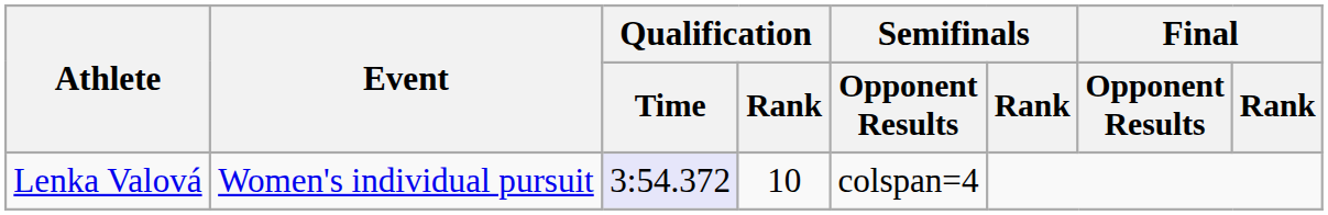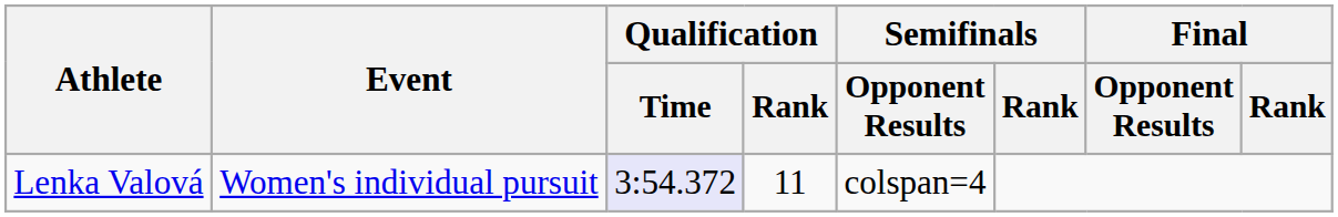 <table class="wikitable" style="font-size:90%">
 <tr>
 <th rowspan="2">Athlete</th>
 <th rowspan="2">Event</th>
 <th colspan=2>Qualification</th>
 <th colspan=2>Semifinals</th>
 <th colspan=2>Final</th>
 </tr>
 <tr style="font-size:95%">
 <th>Time</th>
 <th>Rank</th>
 <th>Opponent<br>Results</th>
 <th>Rank</th>
 <th>Opponent<br>Results</th>
 <th>Rank</th>
 </tr>
 <tr align=center>
 <td align=left><a href='#'>Lenka Valová</a></td>
 <td align=left><a href='#'>Women's individual pursuit</a></td>
 <td style="background: lavender;">3:54.372</td>
-<td>10</td>
+<td>11</td>
 <td>colspan=4 </td>
 </tr>
 </table>
